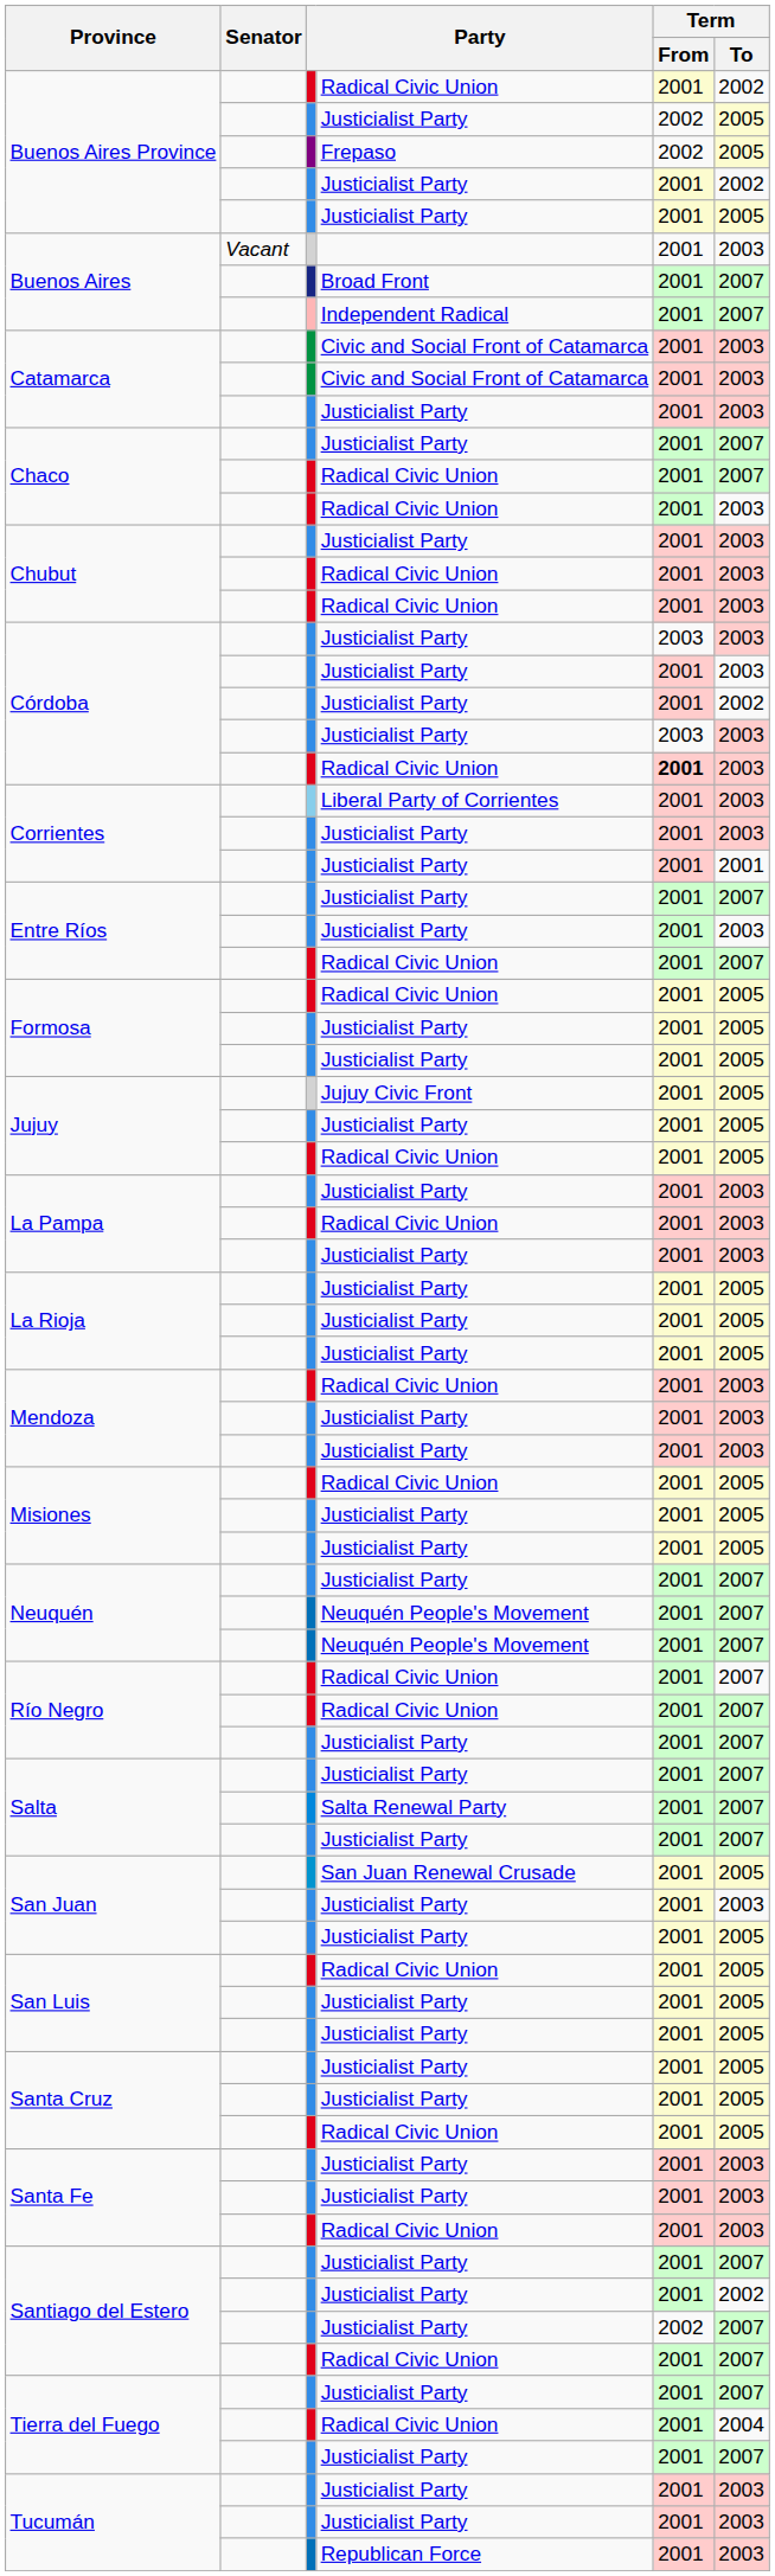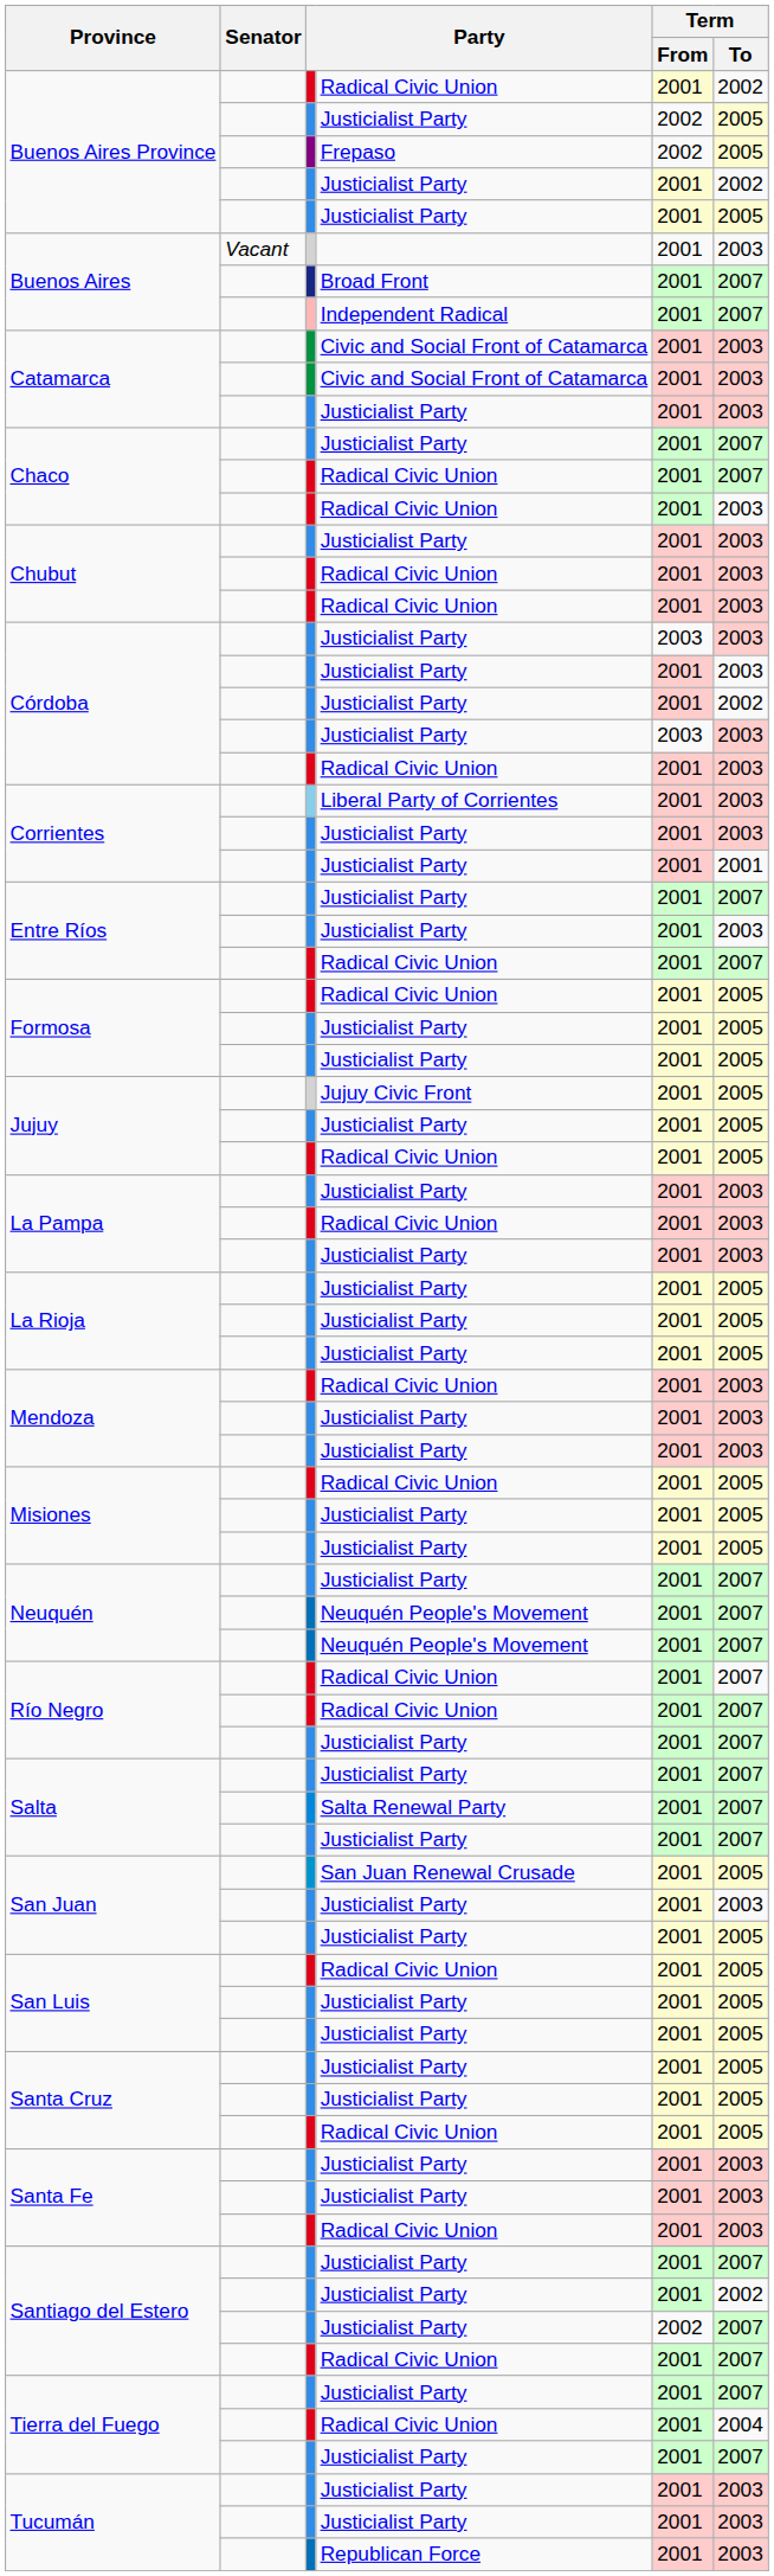 <table class="sortable wikitable">
 <tr>
 <th rowspan=2>Province</th>
 <th rowspan=2>Senator</th>
 <th colspan=2 rowspan=2>Party</th>
 <th colspan=2>Term</th>
 </tr>
 <tr>
 <th>From</th>
 <th>To</th>
 </tr>
 <tr>
 <td rowspan=5><a href='#'>Buenos Aires Province</a></td>
 <td></td>
 <td bgcolor=#E10019></td>
 <td><a href='#'>Radical Civic Union</a></td>
 <td bgcolor="#fcfccf">2001</td>
 <td>2002</td>
 </tr>
 <tr>
 <td></td>
 <td bgcolor=#318CE7></td>
 <td><a href='#'>Justicialist Party</a></td>
 <td>2002</td>
 <td bgcolor="#fcfccf">2005</td>
 </tr>
 <tr>
 <td></td>
 <td bgcolor=purple></td>
 <td><a href='#'>Frepaso</a></td>
 <td>2002</td>
 <td bgcolor="#fcfccf">2005</td>
 </tr>
 <tr>
 <td></td>
 <td bgcolor=#318CE7></td>
 <td><a href='#'>Justicialist Party</a></td>
 <td bgcolor="#fcfccf">2001</td>
 <td>2002</td>
 </tr>
 <tr>
 <td></td>
 <td bgcolor=#318CE7></td>
 <td><a href='#'>Justicialist Party</a></td>
 <td bgcolor="#fcfccf">2001</td>
 <td bgcolor="#fcfccf">2005</td>
 </tr>
 <tr>
 <td rowspan=3><a href='#'>Buenos Aires</a></td>
 <td><em>Vacant</em></td>
 <td bgcolor=#D3D3D3></td>
 <td></td>
 <td>2001</td>
 <td>2003</td>
 </tr>
 <tr>
 <td></td>
 <td bgcolor=#172683></td>
 <td><a href='#'>Broad Front</a></td>
 <td bgcolor="#cfc">2001</td>
 <td bgcolor="#cfc">2007</td>
 </tr>
 <tr>
 <td></td>
 <td bgcolor=#FFB6B6></td>
 <td><a href='#'>Independent Radical</a></td>
 <td bgcolor="#cfc">2001</td>
 <td bgcolor="#cfc">2007</td>
 </tr>
 <tr>
 <td rowspan=3><a href='#'>Catamarca</a></td>
 <td></td>
 <td bgcolor=#009241></td>
 <td><a href='#'>Civic and Social Front of Catamarca</a></td>
 <td bgcolor=#fcc>2001</td>
 <td bgcolor=#fcc>2003</td>
 </tr>
 <tr>
 <td></td>
 <td bgcolor=#009241></td>
 <td><a href='#'>Civic and Social Front of Catamarca</a></td>
 <td bgcolor=#fcc>2001</td>
 <td bgcolor=#fcc>2003</td>
 </tr>
 <tr>
 <td></td>
 <td bgcolor=#318CE7></td>
 <td><a href='#'>Justicialist Party</a></td>
 <td bgcolor=#fcc>2001</td>
 <td bgcolor=#fcc>2003</td>
 </tr>
 <tr>
 <td rowspan=3><a href='#'>Chaco</a></td>
 <td></td>
 <td bgcolor=#318CE7></td>
 <td><a href='#'>Justicialist Party</a></td>
 <td bgcolor="#cfc">2001</td>
 <td bgcolor="#cfc">2007</td>
 </tr>
 <tr>
 <td></td>
 <td bgcolor=#E10019></td>
 <td><a href='#'>Radical Civic Union</a></td>
 <td bgcolor="#cfc">2001</td>
 <td bgcolor="#cfc">2007</td>
 </tr>
 <tr>
 <td></td>
 <td bgcolor=#E10019></td>
 <td><a href='#'>Radical Civic Union</a></td>
 <td bgcolor="#cfc">2001</td>
 <td>2003</td>
 </tr>
 <tr>
 <td rowspan=3><a href='#'>Chubut</a></td>
 <td></td>
 <td bgcolor=#318CE7></td>
 <td><a href='#'>Justicialist Party</a></td>
 <td bgcolor=#fcc>2001</td>
 <td bgcolor=#fcc>2003</td>
 </tr>
 <tr>
 <td></td>
 <td bgcolor=#E10019></td>
 <td><a href='#'>Radical Civic Union</a></td>
 <td bgcolor=#fcc>2001</td>
 <td bgcolor=#fcc>2003</td>
 </tr>
 <tr>
 <td></td>
 <td bgcolor=#E10019></td>
 <td><a href='#'>Radical Civic Union</a></td>
 <td bgcolor=#fcc>2001</td>
 <td bgcolor=#fcc>2003</td>
 </tr>
 <tr>
 <td rowspan=5><a href='#'>Córdoba</a></td>
 <td></td>
 <td bgcolor=#318CE7></td>
 <td><a href='#'>Justicialist Party</a></td>
 <td>2003</td>
 <td bgcolor=#fcc>2003</td>
 </tr>
 <tr>
 <td></td>
 <td bgcolor=#318CE7></td>
 <td><a href='#'>Justicialist Party</a></td>
 <td bgcolor=#fcc>2001</td>
 <td>2003</td>
 </tr>
 <tr>
 <td></td>
 <td bgcolor=#318CE7></td>
 <td><a href='#'>Justicialist Party</a></td>
 <td bgcolor=#fcc>2001</td>
 <td>2002</td>
 </tr>
 <tr>
 <td></td>
 <td bgcolor=#318CE7></td>
 <td><a href='#'>Justicialist Party</a></td>
 <td>2003</td>
 <td bgcolor=#fcc>2003</td>
 </tr>
 <tr>
 <td></td>
 <td bgcolor=#E10019></td>
 <td><a href='#'>Radical Civic Union</a></td>
-<td bgcolor=#fcc><strong>2001</strong></td>
+<td bgcolor=#fcc>2001</td>
 <td bgcolor=#fcc>2003</td>
 </tr>
 <tr>
 <td rowspan=3><a href='#'>Corrientes</a></td>
 <td></td>
 <td bgcolor=skyblue></td>
 <td><a href='#'>Liberal Party of Corrientes</a></td>
 <td bgcolor=#fcc>2001</td>
 <td bgcolor=#fcc>2003</td>
 </tr>
 <tr>
 <td></td>
 <td bgcolor=#318CE7></td>
 <td><a href='#'>Justicialist Party</a></td>
 <td bgcolor=#fcc>2001</td>
 <td bgcolor=#fcc>2003</td>
 </tr>
 <tr>
 <td></td>
 <td bgcolor=#318CE7></td>
 <td><a href='#'>Justicialist Party</a></td>
 <td bgcolor=#fcc>2001</td>
 <td>2001</td>
 </tr>
 <tr>
 <td rowspan=3><a href='#'>Entre Ríos</a></td>
 <td></td>
 <td bgcolor=#318CE7></td>
 <td><a href='#'>Justicialist Party</a></td>
 <td bgcolor=#cfc>2001</td>
 <td bgcolor=#cfc>2007</td>
 </tr>
 <tr>
 <td></td>
 <td bgcolor=#318CE7></td>
 <td><a href='#'>Justicialist Party</a></td>
 <td bgcolor=#cfc>2001</td>
 <td>2003</td>
 </tr>
 <tr>
 <td></td>
 <td bgcolor=#E10019></td>
 <td><a href='#'>Radical Civic Union</a></td>
 <td bgcolor=#cfc>2001</td>
 <td bgcolor=#cfc>2007</td>
 </tr>
 <tr>
 <td rowspan=3><a href='#'>Formosa</a></td>
 <td></td>
 <td bgcolor=#E10019></td>
 <td><a href='#'>Radical Civic Union</a></td>
 <td bgcolor="#fcfccf">2001</td>
 <td bgcolor="#fcfccf">2005</td>
 </tr>
 <tr>
 <td></td>
 <td bgcolor=#318CE7></td>
 <td><a href='#'>Justicialist Party</a></td>
 <td bgcolor="#fcfccf">2001</td>
 <td bgcolor="#fcfccf">2005</td>
 </tr>
 <tr>
 <td></td>
 <td bgcolor=#318CE7></td>
 <td><a href='#'>Justicialist Party</a></td>
 <td bgcolor="#fcfccf">2001</td>
 <td bgcolor="#fcfccf">2005</td>
 </tr>
 <tr>
 <td rowspan=3><a href='#'>Jujuy</a></td>
 <td></td>
 <td bgcolor=#D3D3D3></td>
 <td><a href='#'>Jujuy Civic Front</a></td>
 <td bgcolor="#fcfccf">2001</td>
 <td bgcolor="#fcfccf">2005</td>
 </tr>
 <tr>
 <td></td>
 <td bgcolor=#318CE7></td>
 <td><a href='#'>Justicialist Party</a></td>
 <td bgcolor="#fcfccf">2001</td>
 <td bgcolor="#fcfccf">2005</td>
 </tr>
 <tr>
 <td></td>
 <td bgcolor=#E10019></td>
 <td><a href='#'>Radical Civic Union</a></td>
 <td bgcolor="#fcfccf">2001</td>
 <td bgcolor="#fcfccf">2005</td>
 </tr>
 <tr>
 <td rowspan=3><a href='#'>La Pampa</a></td>
 <td></td>
 <td bgcolor=#318CE7></td>
 <td><a href='#'>Justicialist Party</a></td>
 <td bgcolor=#fcc>2001</td>
 <td bgcolor=#fcc>2003</td>
 </tr>
 <tr>
 <td></td>
 <td bgcolor=#E10019></td>
 <td><a href='#'>Radical Civic Union</a></td>
 <td bgcolor=#fcc>2001</td>
 <td bgcolor=#fcc>2003</td>
 </tr>
 <tr>
 <td></td>
 <td bgcolor=#318CE7></td>
 <td><a href='#'>Justicialist Party</a></td>
 <td bgcolor=#fcc>2001</td>
 <td bgcolor=#fcc>2003</td>
 </tr>
 <tr>
 <td rowspan=3><a href='#'>La Rioja</a></td>
 <td></td>
 <td bgcolor=#318CE7></td>
 <td><a href='#'>Justicialist Party</a></td>
 <td bgcolor="#fcfccf">2001</td>
 <td bgcolor="#fcfccf">2005</td>
 </tr>
 <tr>
 <td></td>
 <td bgcolor=#318CE7></td>
 <td><a href='#'>Justicialist Party</a></td>
 <td bgcolor="#fcfccf">2001</td>
 <td bgcolor="#fcfccf">2005</td>
 </tr>
 <tr>
 <td></td>
 <td bgcolor=#318CE7></td>
 <td><a href='#'>Justicialist Party</a></td>
 <td bgcolor="#fcfccf">2001</td>
 <td bgcolor="#fcfccf">2005</td>
 </tr>
 <tr>
 <td rowspan=3><a href='#'>Mendoza</a></td>
 <td></td>
 <td bgcolor=#E10019></td>
 <td><a href='#'>Radical Civic Union</a></td>
 <td bgcolor=#fcc>2001</td>
 <td bgcolor=#fcc>2003</td>
 </tr>
 <tr>
 <td></td>
 <td bgcolor=#318CE7></td>
 <td><a href='#'>Justicialist Party</a></td>
 <td bgcolor=#fcc>2001</td>
 <td bgcolor=#fcc>2003</td>
 </tr>
 <tr>
 <td></td>
 <td bgcolor=#318CE7></td>
 <td><a href='#'>Justicialist Party</a></td>
 <td bgcolor=#fcc>2001</td>
 <td bgcolor=#fcc>2003</td>
 </tr>
 <tr>
 <td rowspan=3><a href='#'>Misiones</a></td>
 <td></td>
 <td bgcolor=#E10019></td>
 <td><a href='#'>Radical Civic Union</a></td>
 <td bgcolor="#fcfccf">2001</td>
 <td bgcolor="#fcfccf">2005</td>
 </tr>
 <tr>
 <td></td>
 <td bgcolor=#318CE7></td>
 <td><a href='#'>Justicialist Party</a></td>
 <td bgcolor="#fcfccf">2001</td>
 <td bgcolor="#fcfccf">2005</td>
 </tr>
 <tr>
 <td></td>
 <td bgcolor=#318CE7></td>
 <td><a href='#'>Justicialist Party</a></td>
 <td bgcolor="#fcfccf">2001</td>
 <td bgcolor="#fcfccf">2005</td>
 </tr>
 <tr>
 <td rowspan=3><a href='#'>Neuquén</a></td>
 <td></td>
 <td bgcolor=#318CE7></td>
 <td><a href='#'>Justicialist Party</a></td>
 <td bgcolor=#cfc>2001</td>
 <td bgcolor=#cfc>2007</td>
 </tr>
 <tr>
 <td></td>
 <td bgcolor=#0070b8></td>
 <td><a href='#'>Neuquén People's Movement</a></td>
 <td bgcolor=#cfc>2001</td>
 <td bgcolor=#cfc>2007</td>
 </tr>
 <tr>
 <td></td>
 <td bgcolor=#0070b8></td>
 <td><a href='#'>Neuquén People's Movement</a></td>
 <td bgcolor=#cfc>2001</td>
 <td bgcolor=#cfc>2007</td>
 </tr>
 <tr>
 <td rowspan=3><a href='#'>Río Negro</a></td>
 <td></td>
 <td bgcolor=#E10019></td>
 <td><a href='#'>Radical Civic Union</a></td>
 <td bgcolor=#cfc>2001</td>
 <td>2007</td>
 </tr>
 <tr>
 <td></td>
 <td bgcolor=#E10019></td>
 <td><a href='#'>Radical Civic Union</a></td>
 <td bgcolor=#cfc>2001</td>
 <td bgcolor=#cfc>2007</td>
 </tr>
 <tr>
 <td></td>
 <td bgcolor=#318CE7></td>
 <td><a href='#'>Justicialist Party</a></td>
 <td bgcolor=#cfc>2001</td>
 <td bgcolor=#cfc>2007</td>
 </tr>
 <tr>
 <td rowspan=3><a href='#'>Salta</a></td>
 <td></td>
 <td bgcolor=#318CE7></td>
 <td><a href='#'>Justicialist Party</a></td>
 <td bgcolor=#cfc>2001</td>
 <td bgcolor=#cfc>2007</td>
 </tr>
 <tr>
 <td></td>
 <td bgcolor=#0087DC></td>
 <td><a href='#'>Salta Renewal Party</a></td>
 <td bgcolor=#cfc>2001</td>
 <td bgcolor=#cfc>2007</td>
 </tr>
 <tr>
 <td></td>
 <td bgcolor=#318CE7></td>
 <td><a href='#'>Justicialist Party</a></td>
 <td bgcolor=#cfc>2001</td>
 <td bgcolor=#cfc>2007</td>
 </tr>
 <tr>
 <td rowspan=3><a href='#'>San Juan</a></td>
 <td></td>
 <td bgcolor=#0094cf></td>
 <td><a href='#'>San Juan Renewal Crusade</a></td>
 <td bgcolor="#fcfccf">2001</td>
 <td bgcolor="#fcfccf">2005</td>
 </tr>
 <tr>
 <td></td>
 <td bgcolor=#318CE7></td>
 <td><a href='#'>Justicialist Party</a></td>
 <td bgcolor="#fcfccf">2001</td>
 <td>2003</td>
 </tr>
 <tr>
 <td></td>
 <td bgcolor=#318CE7></td>
 <td><a href='#'>Justicialist Party</a></td>
 <td bgcolor="#fcfccf">2001</td>
 <td bgcolor="#fcfccf">2005</td>
 </tr>
 <tr>
 <td rowspan=3><a href='#'>San Luis</a></td>
 <td></td>
 <td bgcolor=#E10019></td>
 <td><a href='#'>Radical Civic Union</a></td>
 <td bgcolor="#fcfccf">2001</td>
 <td bgcolor="#fcfccf">2005</td>
 </tr>
 <tr>
 <td></td>
 <td bgcolor=#318CE7></td>
 <td><a href='#'>Justicialist Party</a></td>
 <td bgcolor="#fcfccf">2001</td>
 <td bgcolor="#fcfccf">2005</td>
 </tr>
 <tr>
 <td></td>
 <td bgcolor=#318CE7></td>
 <td><a href='#'>Justicialist Party</a></td>
 <td bgcolor="#fcfccf">2001</td>
 <td bgcolor="#fcfccf">2005</td>
 </tr>
 <tr>
 <td rowspan=3><a href='#'>Santa Cruz</a></td>
 <td></td>
 <td bgcolor=#318CE7></td>
 <td><a href='#'>Justicialist Party</a></td>
 <td bgcolor="#fcfccf">2001</td>
 <td bgcolor="#fcfccf">2005</td>
 </tr>
 <tr>
 <td></td>
 <td bgcolor=#318CE7></td>
 <td><a href='#'>Justicialist Party</a></td>
 <td bgcolor="#fcfccf">2001</td>
 <td bgcolor="#fcfccf">2005</td>
 </tr>
 <tr>
 <td></td>
 <td bgcolor=#E10019></td>
 <td><a href='#'>Radical Civic Union</a></td>
 <td bgcolor="#fcfccf">2001</td>
 <td bgcolor="#fcfccf">2005</td>
 </tr>
 <tr>
 <td rowspan=3><a href='#'>Santa Fe</a></td>
 <td></td>
 <td bgcolor=#318CE7></td>
 <td><a href='#'>Justicialist Party</a></td>
 <td bgcolor=#fcc>2001</td>
 <td bgcolor=#fcc>2003</td>
 </tr>
 <tr>
 <td></td>
 <td bgcolor=#318CE7></td>
 <td><a href='#'>Justicialist Party</a></td>
 <td bgcolor=#fcc>2001</td>
 <td bgcolor=#fcc>2003</td>
 </tr>
 <tr>
 <td></td>
 <td bgcolor=#E10019></td>
 <td><a href='#'>Radical Civic Union</a></td>
 <td bgcolor=#fcc>2001</td>
 <td bgcolor=#fcc>2003</td>
 </tr>
 <tr>
 <td rowspan=4><a href='#'>Santiago del Estero</a></td>
 <td></td>
 <td bgcolor=#318CE7></td>
 <td><a href='#'>Justicialist Party</a></td>
 <td bgcolor=#cfc>2001</td>
 <td bgcolor=#cfc>2007</td>
 </tr>
 <tr>
 <td></td>
 <td bgcolor=#318CE7></td>
 <td><a href='#'>Justicialist Party</a></td>
 <td bgcolor=#cfc>2001</td>
 <td>2002</td>
 </tr>
 <tr>
 <td></td>
 <td bgcolor=#318CE7></td>
 <td><a href='#'>Justicialist Party</a></td>
 <td>2002</td>
 <td bgcolor=#cfc>2007</td>
 </tr>
 <tr>
 <td></td>
 <td bgcolor=#E10019></td>
 <td><a href='#'>Radical Civic Union</a></td>
 <td bgcolor=#cfc>2001</td>
 <td bgcolor=#cfc>2007</td>
 </tr>
 <tr>
 <td rowspan=3><a href='#'>Tierra del Fuego</a></td>
 <td></td>
 <td bgcolor=#318CE7></td>
 <td><a href='#'>Justicialist Party</a></td>
 <td bgcolor=#cfc>2001</td>
 <td bgcolor=#cfc>2007</td>
 </tr>
 <tr>
 <td></td>
 <td bgcolor=#E10019></td>
 <td><a href='#'>Radical Civic Union</a></td>
 <td bgcolor=#cfc>2001</td>
 <td>2004</td>
 </tr>
 <tr>
 <td></td>
 <td bgcolor=#318CE7></td>
 <td><a href='#'>Justicialist Party</a></td>
 <td bgcolor=#cfc>2001</td>
 <td bgcolor=#cfc>2007</td>
 </tr>
 <tr>
 <td rowspan=3><a href='#'>Tucumán</a></td>
 <td></td>
 <td bgcolor=#318CE7></td>
 <td><a href='#'>Justicialist Party</a></td>
 <td bgcolor=#fcc>2001</td>
 <td bgcolor=#fcc>2003</td>
 </tr>
 <tr>
 <td></td>
 <td bgcolor=#318CE7></td>
 <td><a href='#'>Justicialist Party</a></td>
 <td bgcolor=#fcc>2001</td>
 <td bgcolor=#fcc>2003</td>
 </tr>
 <tr>
 <td></td>
 <td bgcolor=#0070B8></td>
 <td><a href='#'>Republican Force</a></td>
 <td bgcolor=#fcc>2001</td>
 <td bgcolor=#fcc>2003</td>
 </tr>
 <tr>
 </tr>
 </table>
